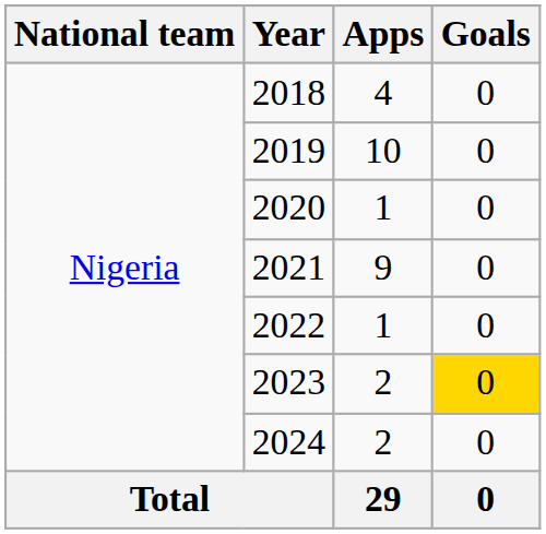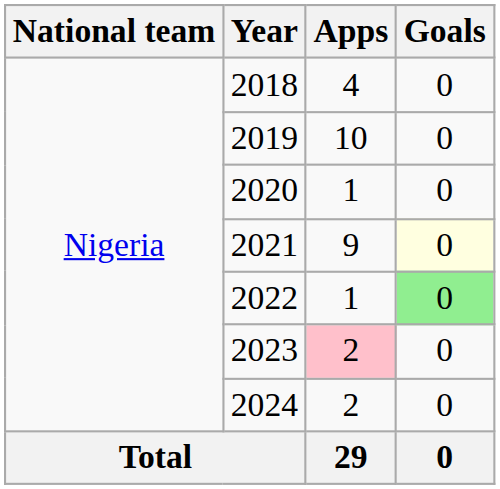 <table class="wikitable" style="text-align:center">
 <tr>
 <th>National team</th>
 <th>Year</th>
 <th>Apps</th>
 <th>Goals</th>
 </tr>
 <tr>
 <td rowspan="7"><a href='#'>Nigeria</a></td>
 <td>2018</td>
 <td>4</td>
 <td>0</td>
 </tr>
 <tr>
 <td>2019</td>
 <td>10</td>
 <td>0</td>
 </tr>
 <tr>
 <td>2020</td>
 <td>1</td>
 <td>0</td>
 </tr>
 <tr>
 <td>2021</td>
 <td>9</td>
-<td>0</td>
+<td style="background: lightyellow;">0</td>
 </tr>
 <tr>
 <td>2022</td>
 <td>1</td>
-<td>0</td>
+<td style="background: lightgreen;">0</td>
 </tr>
 <tr>
 <td>2023</td>
-<td>2</td>
-<td style="background: gold;">0</td>
+<td style="background: pink;">2</td>
+<td>0</td>
 </tr>
 <tr>
 <td>2024</td>
 <td>2</td>
 <td>0</td>
 </tr>
 <tr>
 <th colspan="2">Total</th>
 <th>29</th>
 <th>0</th>
 </tr>
 </table>
